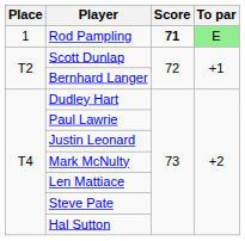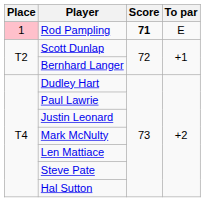 <table class="wikitable">
 <tr>
 <th>Place</th>
 <th>Player</th>
 <th>Score</th>
 <th>To par</th>
 </tr>
 <tr>
-<td align=center>1</td>
+<td align=center style="background: pink;">1</td>
 <td> <a href='#'>Rod Pampling</a></td>
 <td align=center><strong>71</strong></td>
-<td align=center style="background: lightgreen;">E</td>
+<td align=center>E</td>
 </tr>
 <tr>
 <td rowspan="2" align=center>T2</td>
 <td> <a href='#'>Scott Dunlap</a></td>
 <td rowspan="2" align=center>72</td>
 <td rowspan="2" align=center>+1</td>
 </tr>
 <tr>
 <td> <a href='#'>Bernhard Langer</a></td>
 </tr>
 <tr>
 <td rowspan="7" align=center>T4</td>
 <td> <a href='#'>Dudley Hart</a></td>
 <td rowspan="7" align=center>73</td>
 <td rowspan="7" align=center>+2</td>
 </tr>
 <tr>
 <td> <a href='#'>Paul Lawrie</a></td>
 </tr>
 <tr>
 <td> <a href='#'>Justin Leonard</a></td>
 </tr>
 <tr>
 <td> <a href='#'>Mark McNulty</a></td>
 </tr>
 <tr>
 <td> <a href='#'>Len Mattiace</a></td>
 </tr>
 <tr>
 <td> <a href='#'>Steve Pate</a></td>
 </tr>
 <tr>
 <td> <a href='#'>Hal Sutton</a></td>
 </tr>
 </table>
